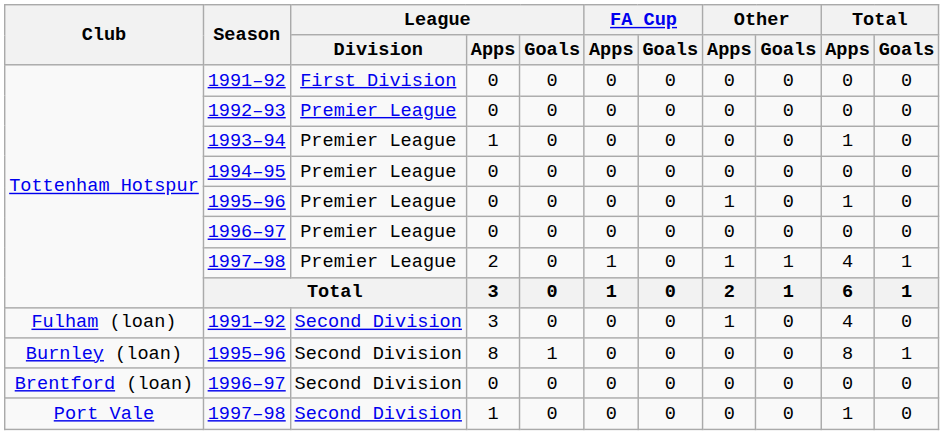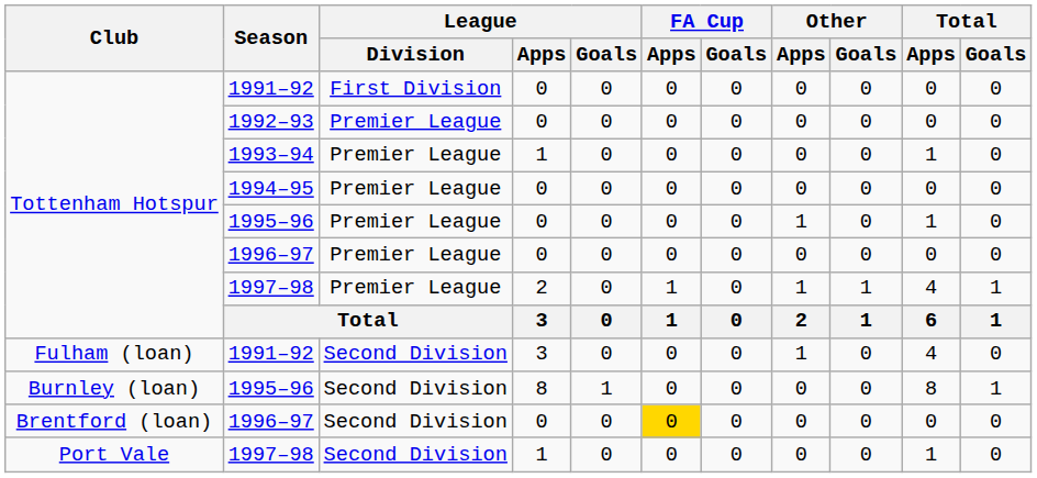 <table class="wikitable" style="text-align:center">
 <tr>
 <th rowspan="2">Club</th>
 <th rowspan="2">Season</th>
 <th colspan="3">League</th>
 <th colspan="2"><a href='#'>FA Cup</a></th>
 <th colspan="2">Other</th>
 <th colspan="2">Total</th>
 </tr>
 <tr>
 <th>Division</th>
 <th>Apps</th>
 <th>Goals</th>
 <th>Apps</th>
 <th>Goals</th>
 <th>Apps</th>
 <th>Goals</th>
 <th>Apps</th>
 <th>Goals</th>
 </tr>
 <tr>
 <td rowspan="8"><a href='#'>Tottenham Hotspur</a></td>
 <td><a href='#'>1991–92</a></td>
 <td><a href='#'>First Division</a></td>
 <td>0</td>
 <td>0</td>
 <td>0</td>
 <td>0</td>
 <td>0</td>
 <td>0</td>
 <td>0</td>
 <td>0</td>
 </tr>
 <tr>
 <td><a href='#'>1992–93</a></td>
 <td><a href='#'>Premier League</a></td>
 <td>0</td>
 <td>0</td>
 <td>0</td>
 <td>0</td>
 <td>0</td>
 <td>0</td>
 <td>0</td>
 <td>0</td>
 </tr>
 <tr>
 <td><a href='#'>1993–94</a></td>
 <td>Premier League</td>
 <td>1</td>
 <td>0</td>
 <td>0</td>
 <td>0</td>
 <td>0</td>
 <td>0</td>
 <td>1</td>
 <td>0</td>
 </tr>
 <tr>
 <td><a href='#'>1994–95</a></td>
 <td>Premier League</td>
 <td>0</td>
 <td>0</td>
 <td>0</td>
 <td>0</td>
 <td>0</td>
 <td>0</td>
 <td>0</td>
 <td>0</td>
 </tr>
 <tr>
 <td><a href='#'>1995–96</a></td>
 <td>Premier League</td>
 <td>0</td>
 <td>0</td>
 <td>0</td>
 <td>0</td>
 <td>1</td>
 <td>0</td>
 <td>1</td>
 <td>0</td>
 </tr>
 <tr>
 <td><a href='#'>1996–97</a></td>
 <td>Premier League</td>
 <td>0</td>
 <td>0</td>
 <td>0</td>
 <td>0</td>
 <td>0</td>
 <td>0</td>
 <td>0</td>
 <td>0</td>
 </tr>
 <tr>
 <td><a href='#'>1997–98</a></td>
 <td>Premier League</td>
 <td>2</td>
 <td>0</td>
 <td>1</td>
 <td>0</td>
 <td>1</td>
 <td>1</td>
 <td>4</td>
 <td>1</td>
 </tr>
 <tr>
 <th colspan="2">Total</th>
 <th>3</th>
 <th>0</th>
 <th>1</th>
 <th>0</th>
 <th>2</th>
 <th>1</th>
 <th>6</th>
 <th>1</th>
 </tr>
 <tr>
 <td><a href='#'>Fulham</a> (loan)</td>
 <td><a href='#'>1991–92</a></td>
 <td><a href='#'>Second Division</a></td>
 <td>3</td>
 <td>0</td>
 <td>0</td>
 <td>0</td>
 <td>1</td>
 <td>0</td>
 <td>4</td>
 <td>0</td>
 </tr>
 <tr>
 <td><a href='#'>Burnley</a> (loan)</td>
 <td><a href='#'>1995–96</a></td>
 <td>Second Division</td>
 <td>8</td>
 <td>1</td>
 <td>0</td>
 <td>0</td>
 <td>0</td>
 <td>0</td>
 <td>8</td>
 <td>1</td>
 </tr>
 <tr>
 <td><a href='#'>Brentford</a> (loan)</td>
 <td><a href='#'>1996–97</a></td>
 <td>Second Division</td>
 <td>0</td>
 <td>0</td>
-<td>0</td>
+<td style="background: gold;">0</td>
 <td>0</td>
 <td>0</td>
 <td>0</td>
 <td>0</td>
 <td>0</td>
 </tr>
 <tr>
 <td><a href='#'>Port Vale</a></td>
 <td><a href='#'>1997–98</a></td>
 <td><a href='#'>Second Division</a></td>
 <td>1</td>
 <td>0</td>
 <td>0</td>
 <td>0</td>
 <td>0</td>
 <td>0</td>
 <td>1</td>
 <td>0</td>
 </tr>
 </table>
